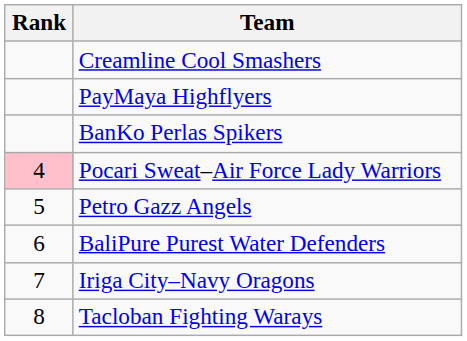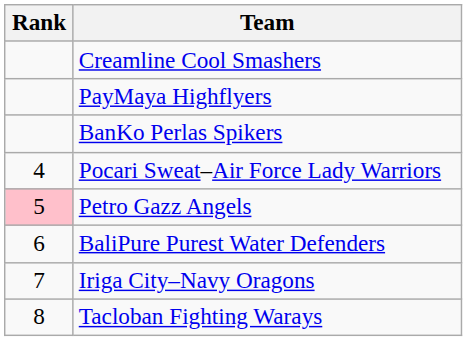 <table class="wikitable" style="text-align: center;">
 <tr>
 <th width=40>Rank</th>
 <th width=260>Team</th>
 </tr>
 <tr>
 <td></td>
 <td align="left"><a href='#'>Creamline Cool Smashers</a></td>
 </tr>
 <tr>
 <td></td>
 <td align="left"><a href='#'>PayMaya Highflyers</a></td>
 </tr>
 <tr>
 <td></td>
 <td align="left"><a href='#'>BanKo Perlas Spikers</a></td>
 </tr>
 <tr>
-<td style="background: pink;">4</td>
+<td>4</td>
 <td align="left"><a href='#'>Pocari Sweat</a>–<a href='#'>Air Force Lady Warriors</a></td>
 </tr>
 <tr>
-<td>5</td>
+<td style="background: pink;">5</td>
 <td align="left"><a href='#'>Petro Gazz Angels</a></td>
 </tr>
 <tr>
 <td>6</td>
 <td align="left"><a href='#'>BaliPure Purest Water Defenders</a></td>
 </tr>
 <tr>
 <td>7</td>
 <td align="left"><a href='#'>Iriga City–Navy Oragons</a></td>
 </tr>
 <tr>
 <td>8</td>
 <td align="left"><a href='#'>Tacloban Fighting Warays</a></td>
 </tr>
 </table>
